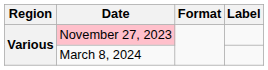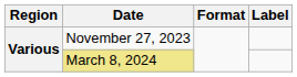 <table class="wikitable plainrowheaders">
 <tr>
 <th scope="col">Region</th>
 <th scope="col">Date</th>
 <th scope="col">Format</th>
 <th scope="col">Label</th>
 </tr>
 <tr>
 <th scope="row" rowspan="2">Various </th>
-<td style="background: pink;">November 27, 2023</td>
+<td>November 27, 2023</td>
 <td rowspan="2"></td>
 <td></td>
 </tr>
 <tr>
-<td>March 8, 2024</td>
+<td style="background: khaki;">March 8, 2024</td>
 <td></td>
 </tr>
 </table>
